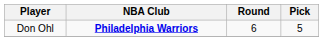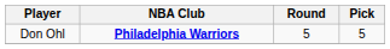 <table class="wikitable" width="500">
 <tr>
 <th>Player</th>
 <th>NBA Club</th>
 <th>Round</th>
 <th>Pick</th>
 </tr>
 <tr align="center" bgcolor="">
 <td>Don Ohl</td>
 <td><strong><a href='#'>Philadelphia Warriors</a></strong></td>
-<td>6</td>
+<td>5</td>
 <td>5</td>
 </tr>
 <tr align="center" bgcolor="">
 </tr>
 </table>
